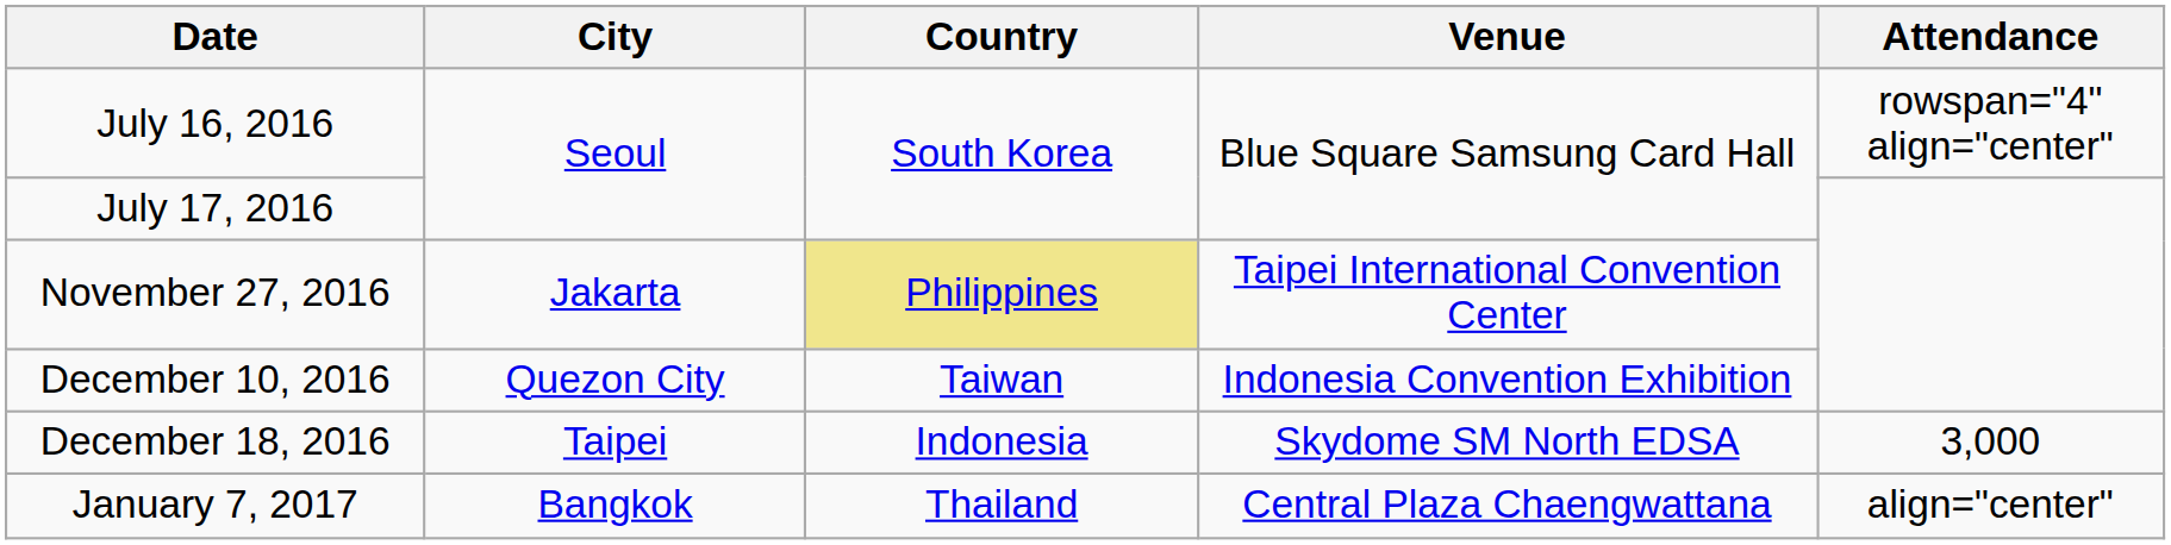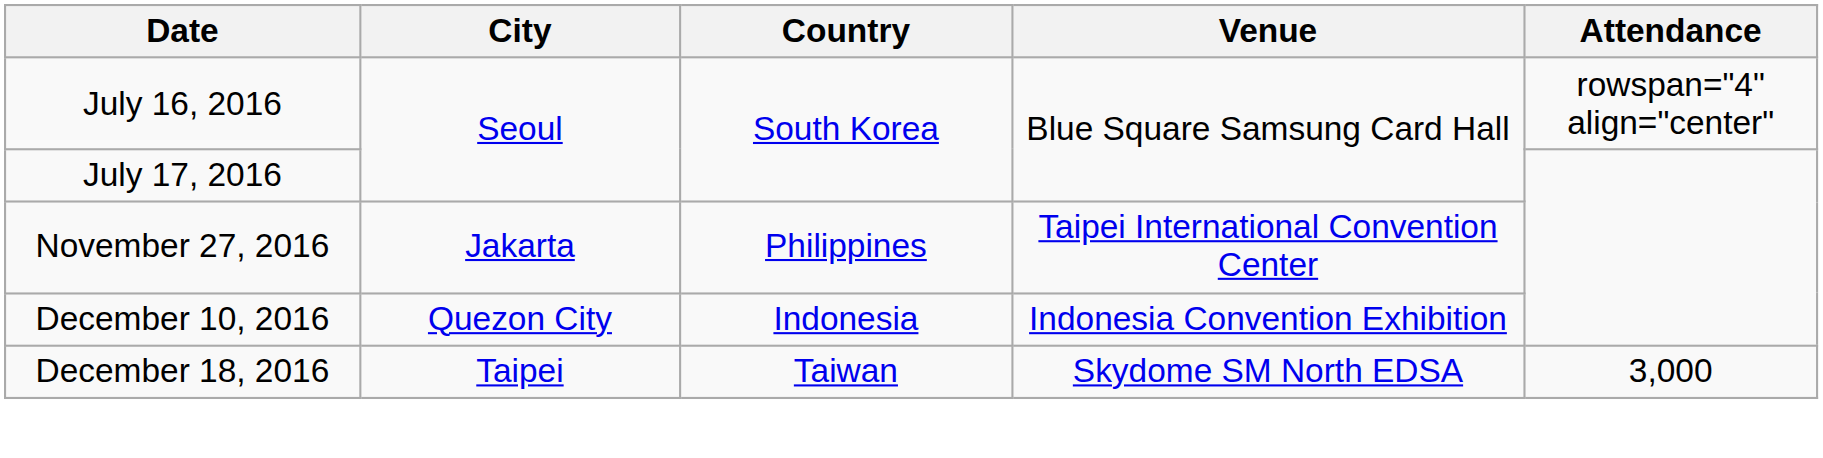 <table class="wikitable" style="text-align:center;">
 <tr>
 <th scope="col" style="width:12em;">Date</th>
 <th scope="col" style="width:11em;">City</th>
 <th scope="col" style="width:11em;">Country</th>
 <th scope="col" style="width:18em;">Venue</th>
 <th scope="col" style="width:9em;">Attendance</th>
 </tr>
 <tr>
 <td align="center">July 16, 2016</td>
 <td rowspan="2" align="center"><a href='#'>Seoul</a></td>
 <td rowspan="2" align="center"><a href='#'>South Korea</a></td>
 <td rowspan="2" align="center">Blue Square Samsung Card Hall</td>
 <td>rowspan="4" align="center" </td>
 </tr>
 <tr>
 <td align="center">July 17, 2016</td>
 </tr>
 <tr>
 <td align="center">November 27, 2016</td>
 <td align="center"><a href='#'>Jakarta</a></td>
-<td align="center" style="background: khaki;"><a href='#'>Philippines</a></td>
+<td align="center"><a href='#'>Philippines</a></td>
 <td align="center"><a href='#'>Taipei International Convention Center</a></td>
 </tr>
 <tr>
 <td align="center">December 10, 2016</td>
 <td align="center"><a href='#'>Quezon City</a></td>
-<td align="center"><a href='#'>Taiwan</a></td>
+<td align="center"><a href='#'>Indonesia</a></td>
 <td align="center"><a href='#'>Indonesia Convention Exhibition</a></td>
 </tr>
 <tr>
 <td align="center">December 18, 2016</td>
 <td align="center"><a href='#'>Taipei</a></td>
-<td align="center"><a href='#'>Indonesia</a></td>
+<td align="center"><a href='#'>Taiwan</a></td>
 <td align="center"><a href='#'>Skydome SM North EDSA</a></td>
 <td align="center">3,000</td>
 </tr>
-<tr>
-<td align="center">January 7, 2017</td>
-<td align="center"><a href='#'>Bangkok</a></td>
-<td align="center"><a href='#'>Thailand</a></td>
-<td align="center"><a href='#'>Central Plaza Chaengwattana</a></td>
-<td>align="center" </td>
-</tr>
 </table>
